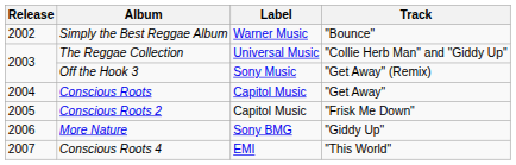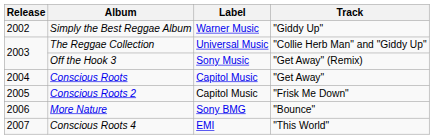 <table class=wikitable>
 <tr>
 <th>Release</th>
 <th>Album</th>
 <th>Label</th>
 <th>Track</th>
 </tr>
 <tr>
 <td>2002</td>
 <td><em>Simply the Best Reggae Album</em></td>
 <td><a href='#'>Warner Music</a></td>
-<td>"Bounce"</td>
+<td>"Giddy Up"</td>
 </tr>
 <tr>
 <td rowspan=2>2003</td>
 <td><em>The Reggae Collection</em></td>
 <td><a href='#'>Universal Music</a></td>
 <td>"Collie Herb Man" and "Giddy Up"</td>
 </tr>
 <tr>
 <td><em>Off the Hook 3</em></td>
 <td><a href='#'>Sony Music</a></td>
 <td>"Get Away" (Remix)</td>
 </tr>
 <tr>
 <td>2004</td>
 <td><em><a href='#'>Conscious Roots</a></em></td>
 <td><a href='#'>Capitol Music</a></td>
 <td>"Get Away"</td>
 </tr>
 <tr>
 <td>2005</td>
 <td><em><a href='#'>Conscious Roots 2</a></em></td>
 <td>Capitol Music</td>
 <td>"Frisk Me Down"</td>
 </tr>
 <tr>
 <td>2006</td>
 <td><em><a href='#'>More Nature</a></em></td>
 <td><a href='#'>Sony BMG</a></td>
-<td>"Giddy Up"</td>
+<td>"Bounce"</td>
 </tr>
 <tr>
 <td>2007</td>
 <td><em>Conscious Roots 4</em></td>
 <td><a href='#'>EMI</a></td>
 <td>"This World"</td>
 </tr>
 </table>
